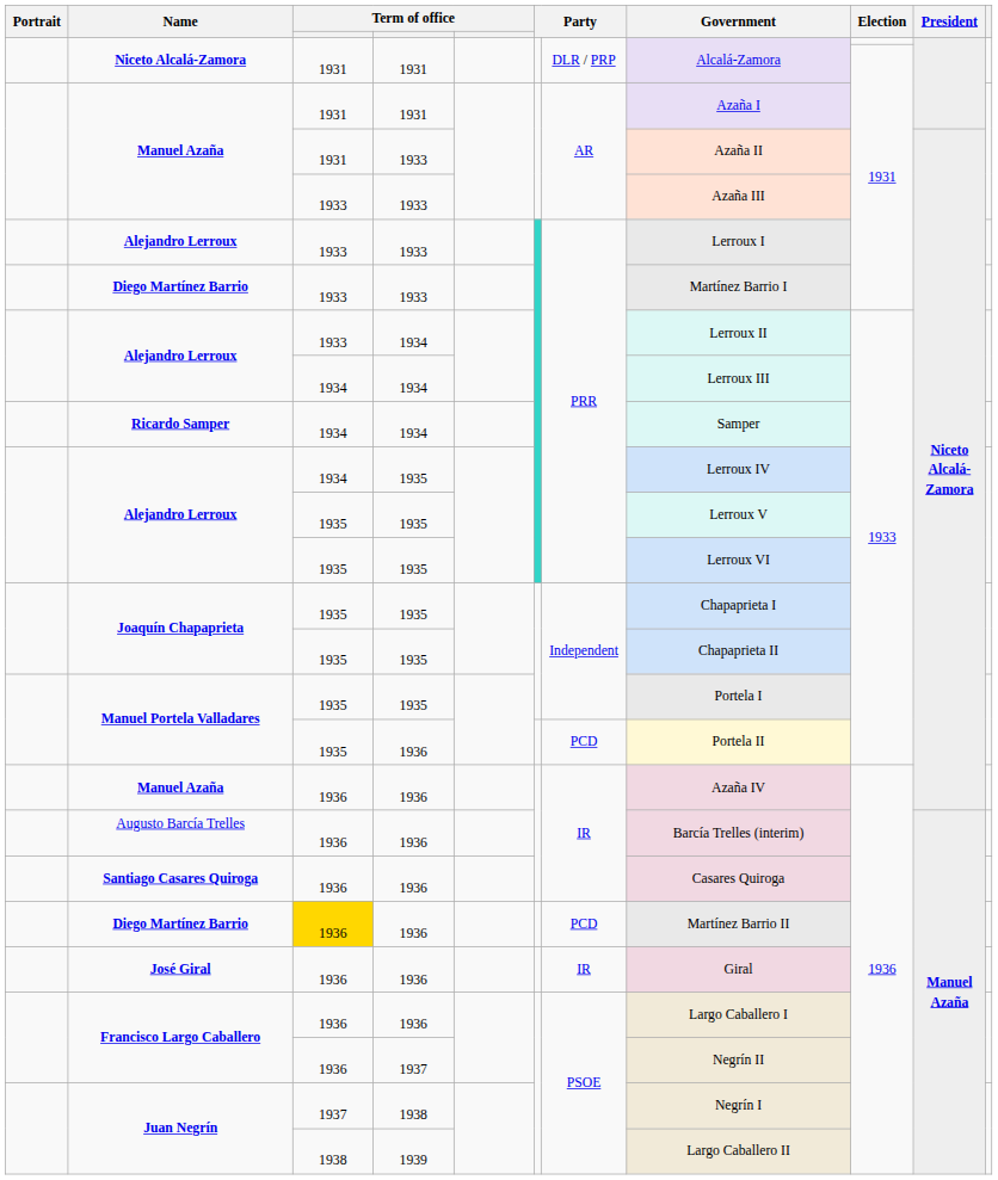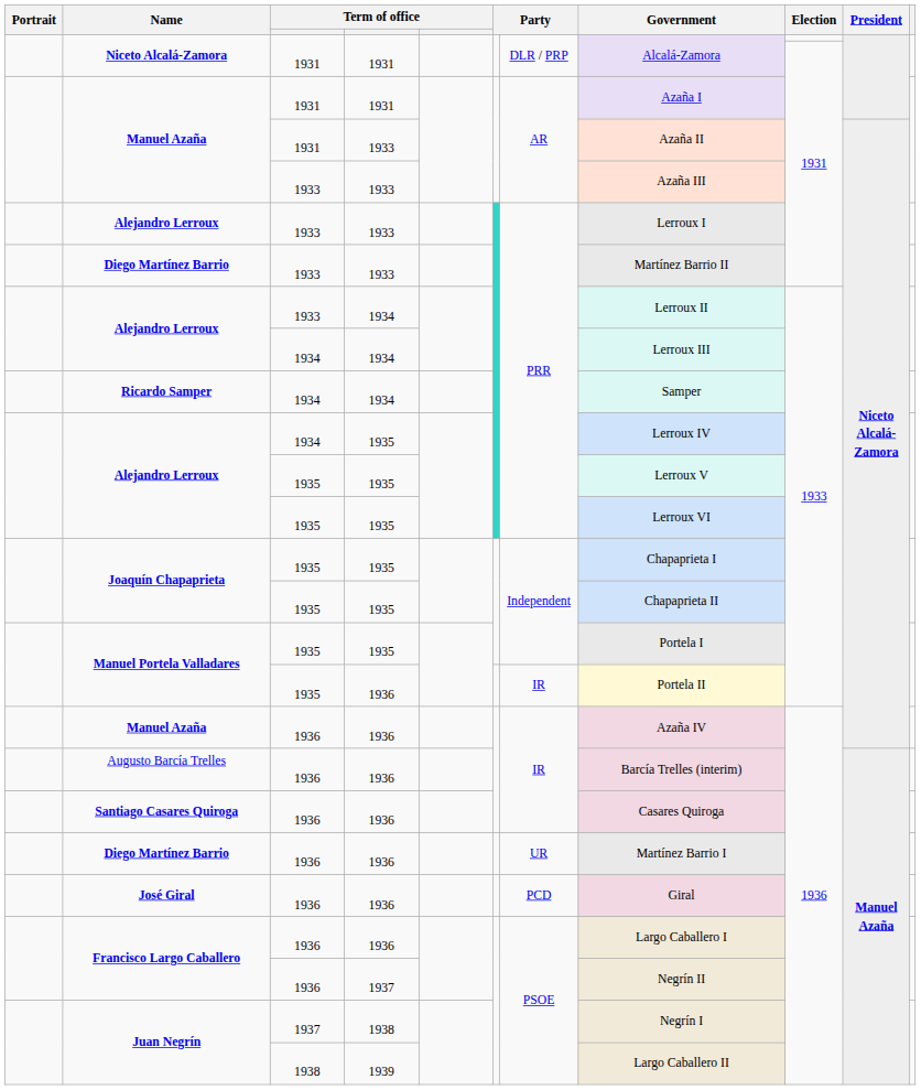 <table class="wikitable" style="line-height:1.4em; text-align:center; border:1px #aaf solid;">
 <tr>
 <th rowspan="2" width="65">Portrait</th>
 <th rowspan="2" width="250">Name<br></th>
 <th colspan="3">Term of office</th>
 <th rowspan="2" colspan="2" width="90">Party</th>
 <th rowspan="2" width="250">Government<br></th>
 <th rowspan="2" width="65">Election</th>
 <th rowspan="2" width="75"><a href='#'>President</a><br></th>
 <th rowspan="2"></th>
 </tr>
 <tr>
 <th width="85"></th>
 <th width="85"></th>
 <th width="85"></th>
 </tr>
 <tr>
 <td rowspan="2" width="65"></td>
 <td rowspan="2"><strong><a href='#'>Niceto Alcalá-Zamora</a></strong><br></td>
 <td rowspan="2" class="nowrap"><br>1931</td>
 <td rowspan="2" class="nowrap"><br>1931</td>
 <td rowspan="2" style="font-size:95%;"></td>
 <td rowspan="2" width="1" style="color:inherit;background:"></td>
 <td rowspan="2" width="90"><a href='#'>DLR</a> / <a href='#'>PRP</a></td>
 <td rowspan="2" style="background:#E8DEF5;"><a href='#'>Alcalá-Zamora</a><br></td>
 <td style="color:#ccc;"></td>
 <td scope="row" style="text-align:center;" rowspan="3" bgcolor="#EEEEEE"><br><br></td>
 <td rowspan="2"><br></td>
 </tr>
 <tr>
 <td rowspan="6"><a href='#'>1931</a></td>
 </tr>
 <tr>
 <td rowspan="3"></td>
 <td rowspan="3"><strong><a href='#'>Manuel Azaña</a></strong><br></td>
 <td class="nowrap"><br>1931</td>
 <td class="nowrap"><br>1931</td>
 <td rowspan="3" style="font-size:95%;"></td>
 <td rowspan="3" style="color:inherit;background:"></td>
 <td rowspan="3"><a href='#'>AR</a></td>
 <td style="background:#E8DEF5;"><a href='#'>Azaña I</a><br></td>
 <td rowspan="3"><br><br><br><br><br></td>
 </tr>
 <tr>
 <td class="nowrap"><br>1931</td>
 <td class="nowrap"><br>1933</td>
 <td style="background:#FFE2D5;">Azaña II<br></td>
 <td scope="row" style="text-align:center;" rowspan="15" bgcolor="#EEEEEE"><br><strong><a href='#'>Niceto<br>Alcalá-Zamora</a></strong><br><br></td>
 </tr>
 <tr>
 <td class="nowrap"><br>1933</td>
 <td class="nowrap"><br>1933</td>
 <td style="background:#FFE2D5;">Azaña III<br></td>
 </tr>
 <tr>
 <td></td>
 <td><strong><a href='#'>Alejandro Lerroux</a></strong><br></td>
 <td class="nowrap"><br>1933</td>
 <td class="nowrap"><br>1933</td>
 <td style="font-size:95%;"></td>
 <td rowspan="8" style="background:#30D5C8;"></td>
 <td rowspan="8"><a href='#'>PRR</a></td>
 <td style="background:#E9E9E9;">Lerroux I<br></td>
 <td><br></td>
 </tr>
 <tr>
 <td></td>
 <td><strong><a href='#'>Diego Martínez Barrio</a></strong><br></td>
 <td class="nowrap"><br>1933</td>
 <td class="nowrap"><br>1933</td>
 <td style="font-size:95%;"></td>
-<td style="background:#E9E9E9;">Martínez Barrio I<br></td>
+<td style="background:#E9E9E9;">Martínez Barrio II<br></td>
 <td><br></td>
 </tr>
 <tr>
 <td rowspan="2"></td>
 <td rowspan="2"><strong><a href='#'>Alejandro Lerroux</a></strong><br></td>
 <td class="nowrap"><br>1933</td>
 <td class="nowrap"><br>1934</td>
 <td rowspan="2" style="font-size:95%;"></td>
 <td style="background:#DCF8F5;">Lerroux II<br></td>
 <td rowspan="10"><a href='#'>1933</a></td>
 <td rowspan="2"><br><br></td>
 </tr>
 <tr>
 <td class="nowrap"><br>1934</td>
 <td class="nowrap"><br>1934</td>
 <td style="background:#DCF8F5;">Lerroux III<br></td>
 </tr>
 <tr>
 <td></td>
 <td><strong><a href='#'>Ricardo Samper</a></strong><br></td>
 <td class="nowrap"><br>1934</td>
 <td class="nowrap"><br>1934</td>
 <td style="font-size:95%;"></td>
 <td style="background:#DCF8F5;">Samper<br></td>
 <td><br></td>
 </tr>
 <tr>
 <td rowspan="3"></td>
 <td rowspan="3"><strong><a href='#'>Alejandro Lerroux</a></strong><br></td>
 <td class="nowrap"><br>1934</td>
 <td class="nowrap"><br>1935</td>
 <td rowspan="3" style="font-size:95%;"></td>
 <td style="background:#CFE3FA;">Lerroux IV<br></td>
 <td rowspan="3"><br><br><br></td>
 </tr>
 <tr>
 <td class="nowrap"><br>1935</td>
 <td class="nowrap"><br>1935</td>
 <td style="background:#DCF8F5;">Lerroux V<br></td>
 </tr>
 <tr>
 <td class="nowrap"><br>1935</td>
 <td class="nowrap"><br>1935</td>
 <td style="background:#CFE3FA;">Lerroux VI<br></td>
 </tr>
 <tr>
 <td rowspan="2"></td>
 <td rowspan="2"><strong><a href='#'>Joaquín Chapaprieta</a></strong><br></td>
 <td class="nowrap"><br>1935</td>
 <td class="nowrap"><br>1935</td>
 <td rowspan="2" style="font-size:95%;"></td>
 <td rowspan="3" style="color:inherit;background:"></td>
 <td rowspan="3"><a href='#'>Independent</a></td>
 <td style="background:#CFE3FA;">Chapaprieta I<br></td>
 <td rowspan="2"><br><br></td>
 </tr>
 <tr>
 <td class="nowrap"><br>1935</td>
 <td class="nowrap"><br>1935</td>
 <td style="background:#CFE3FA;">Chapaprieta II<br></td>
 </tr>
 <tr>
 <td rowspan="2"></td>
 <td rowspan="2"><strong><a href='#'>Manuel Portela Valladares</a></strong><br></td>
 <td class="nowrap"><br>1935</td>
 <td class="nowrap"><br>1935</td>
 <td rowspan="2" style="font-size:95%;"></td>
 <td style="background:#E9E9E9;">Portela I<br></td>
 <td rowspan="2"><br><br></td>
 </tr>
 <tr>
 <td class="nowrap"><br>1935</td>
 <td class="nowrap"><br>1936</td>
 <td style="color:inherit;background:"></td>
-<td><a href='#'>PCD</a></td>
+<td><a href='#'>IR</a></td>
 <td style="background:#FFF9D5;">Portela II<br></td>
 </tr>
 <tr>
 <td></td>
 <td><strong><a href='#'>Manuel Azaña</a></strong><br></td>
 <td class="nowrap"><br>1936</td>
 <td class="nowrap"><br>1936</td>
 <td style="font-size:95%;"></td>
 <td rowspan="3" style="color:inherit;background:"></td>
 <td rowspan="3"><a href='#'>IR</a></td>
 <td style="background:#F1D8E2;">Azaña IV<br></td>
 <td rowspan="9"><a href='#'>1936</a></td>
 <td><br></td>
 </tr>
 <tr>
 <td></td>
 <td><a href='#'>Augusto Barcía Trelles</a><br><br></td>
 <td class="nowrap"><br>1936</td>
 <td class="nowrap"><br>1936</td>
 <td style="font-size:95%;"></td>
 <td style="background:#F1D8E2;">Barcía Trelles (interim)<br></td>
 <td scope="row" style="text-align:center;" rowspan="8" bgcolor="#EEEEEE"><br><strong><a href='#'>Manuel Azaña</a></strong><br><br></td>
 <td><br></td>
 </tr>
 <tr>
 <td></td>
 <td><strong><a href='#'>Santiago Casares Quiroga</a></strong><br></td>
 <td class="nowrap"><br>1936</td>
 <td class="nowrap"><br>1936</td>
 <td style="font-size:95%;"></td>
 <td style="background:#F1D8E2;">Casares Quiroga<br></td>
 <td><br></td>
 </tr>
 <tr>
 <td></td>
 <td><strong><a href='#'>Diego Martínez Barrio</a></strong><br></td>
-<td class="nowrap" style="background: gold;"><br>1936</td>
+<td class="nowrap"><br>1936</td>
 <td class="nowrap"><br>1936</td>
 <td style="font-size:95%;"></td>
 <td style="color:inherit;background:"></td>
-<td><a href='#'>PCD</a></td>
-<td style="background:#E9E9E9;">Martínez Barrio II<br></td>
+<td><a href='#'>UR</a></td>
+<td style="background:#E9E9E9;">Martínez Barrio I<br></td>
 <td><br></td>
 </tr>
 <tr>
 <td></td>
 <td><strong><a href='#'>José Giral</a></strong><br></td>
 <td class="nowrap"><br>1936</td>
 <td class="nowrap"><br>1936</td>
 <td style="font-size:95%;"></td>
 <td style="color:inherit;background:"></td>
-<td><a href='#'>IR</a></td>
+<td><a href='#'>PCD</a></td>
 <td style="background:#F1D8E2;">Giral<br></td>
 <td><br></td>
 </tr>
 <tr>
 <td rowspan="2"></td>
 <td rowspan="2"><strong><a href='#'>Francisco Largo Caballero</a></strong><br></td>
 <td class="nowrap"><br>1936</td>
 <td class="nowrap"><br>1936</td>
 <td rowspan="2" style="font-size:95%;"></td>
 <td rowspan="4" style="color:inherit;background:"></td>
 <td rowspan="4"><a href='#'>PSOE</a></td>
 <td style="background:#F1EAD8;">Largo Caballero I<br></td>
 <td rowspan="2"><br></td>
 </tr>
 <tr>
 <td class="nowrap"><br>1936</td>
 <td class="nowrap"><br>1937</td>
 <td style="background:#F1EAD8;">Negrín II<br></td>
 </tr>
 <tr>
 <td rowspan="2"></td>
 <td rowspan="2"><strong><a href='#'>Juan Negrín</a></strong><br></td>
 <td class="nowrap"><br>1937</td>
 <td class="nowrap"><br>1938</td>
 <td rowspan="2" style="font-size:95%;"></td>
 <td style="background:#F1EAD8;">Negrín I<br></td>
 <td rowspan="2"><br></td>
 </tr>
 <tr>
 <td class="nowrap"><br>1938</td>
 <td class="nowrap"><br>1939</td>
 <td style="background:#F1EAD8;">Largo Caballero II<br></td>
 </tr>
 </table>
